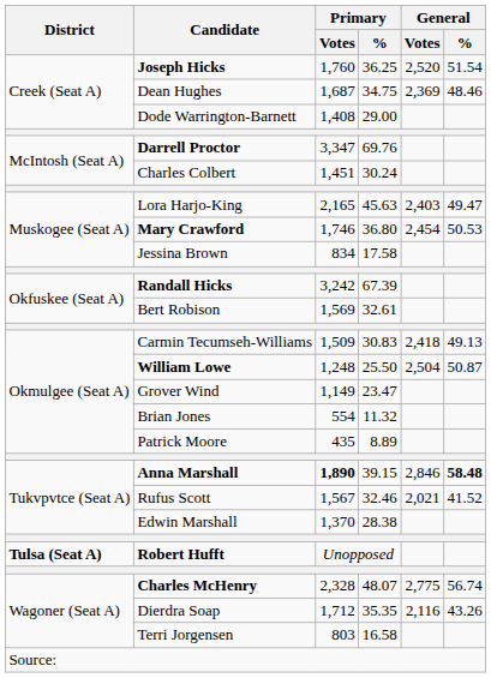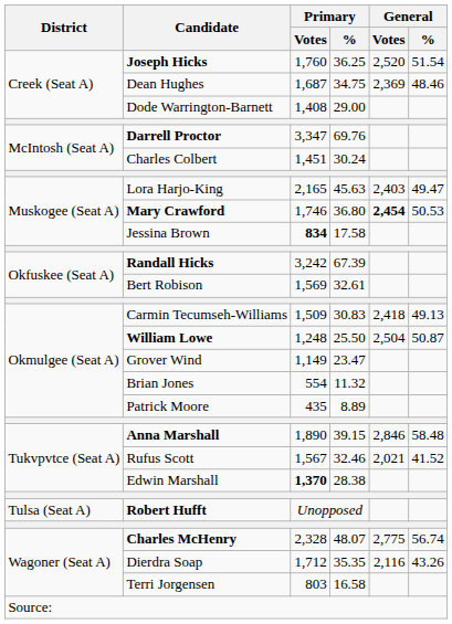 <table class=wikitable style=text-align:right>
 <tr>
 <th rowspan=2>District</th>
 <th rowspan=2>Candidate</th>
 <th colspan=2>Primary</th>
 <th colspan=2>General</th>
 </tr>
 <tr>
 <th>Votes</th>
 <th>%</th>
 <th>Votes</th>
 <th>%</th>
 </tr>
 <tr>
 <td rowspan=3 align=left>Creek (Seat A)</td>
 <td align=left><strong>Joseph Hicks</strong></td>
 <td>1,760</td>
 <td>36.25</td>
 <td>2,520</td>
 <td>51.54</td>
 </tr>
 <tr>
 <td align=left>Dean Hughes</td>
 <td>1,687</td>
 <td>34.75</td>
 <td>2,369</td>
 <td>48.46</td>
 </tr>
 <tr>
 <td align=left>Dode Warrington-Barnett</td>
 <td>1,408</td>
 <td>29.00</td>
 <td></td>
 <td></td>
 </tr>
 <tr>
 <th colspan=6></th>
 </tr>
 <tr>
 <td rowspan=2 align=left>McIntosh (Seat A)</td>
 <td align=left><strong>Darrell Proctor</strong></td>
 <td>3,347</td>
 <td>69.76</td>
 <td></td>
 <td></td>
 </tr>
 <tr>
 <td align=left>Charles Colbert</td>
 <td>1,451</td>
 <td>30.24</td>
 <td></td>
 <td></td>
 </tr>
 <tr>
 <th colspan=6></th>
 </tr>
 <tr>
 <td rowspan=3 align=left>Muskogee (Seat A)</td>
 <td align=left>Lora Harjo-King</td>
 <td>2,165</td>
 <td>45.63</td>
 <td>2,403</td>
 <td>49.47</td>
 </tr>
 <tr>
 <td align=left><strong>Mary Crawford</strong></td>
 <td>1,746</td>
 <td>36.80</td>
-<td>2,454</td>
+<td><strong>2,454</strong></td>
 <td>50.53</td>
 </tr>
 <tr>
 <td align=left>Jessina Brown</td>
-<td>834</td>
+<td><strong>834</strong></td>
 <td>17.58</td>
 <td></td>
 <td></td>
 </tr>
 <tr>
 <th colspan=6></th>
 </tr>
 <tr>
 <td rowspan=2 align=left>Okfuskee (Seat A)</td>
 <td align=left><strong>Randall Hicks</strong></td>
 <td>3,242</td>
 <td>67.39</td>
 <td></td>
 <td></td>
 </tr>
 <tr>
 <td align=left>Bert Robison</td>
 <td>1,569</td>
 <td>32.61</td>
 <td></td>
 <td></td>
 </tr>
 <tr>
 <th colspan=6></th>
 </tr>
 <tr>
 <td rowspan=5 align=left>Okmulgee (Seat A)</td>
 <td align=left>Carmin Tecumseh-Williams</td>
 <td>1,509</td>
 <td>30.83</td>
 <td>2,418</td>
 <td>49.13</td>
 </tr>
 <tr>
 <td align=left><strong>William Lowe</strong></td>
 <td>1,248</td>
 <td>25.50</td>
 <td>2,504</td>
 <td>50.87</td>
 </tr>
 <tr>
 <td align=left>Grover Wind</td>
 <td>1,149</td>
 <td>23.47</td>
 <td></td>
 <td></td>
 </tr>
 <tr>
 <td align=left>Brian Jones</td>
 <td>554</td>
 <td>11.32</td>
 <td></td>
 <td></td>
 </tr>
 <tr>
 <td align=left>Patrick Moore</td>
 <td>435</td>
 <td>8.89</td>
 <td></td>
 <td></td>
 </tr>
 <tr>
 <th colspan=6></th>
 </tr>
 <tr>
 <td rowspan=3 align=left>Tukvpvtce (Seat A)</td>
 <td align=left><strong>Anna Marshall</strong></td>
-<td><strong>1,890</strong></td>
+<td>1,890</td>
 <td>39.15</td>
 <td>2,846</td>
-<td><strong>58.48</strong></td>
+<td>58.48</td>
 </tr>
 <tr>
 <td align=left>Rufus Scott</td>
 <td>1,567</td>
 <td>32.46</td>
 <td>2,021</td>
 <td>41.52</td>
 </tr>
 <tr>
 <td align=left>Edwin Marshall</td>
-<td>1,370</td>
+<td><strong>1,370</strong></td>
 <td>28.38</td>
 <td></td>
 <td></td>
 </tr>
 <tr>
 <th colspan=6></th>
 </tr>
 <tr>
-<td align=left><strong>Tulsa (Seat A)</strong></td>
+<td align=left>Tulsa (Seat A)</td>
 <td align=left><strong>Robert Hufft</strong></td>
 <td colspan=2 align=center><em>Unopposed</em></td>
 <td></td>
 <td></td>
 </tr>
 <tr>
 <th colspan=6></th>
 </tr>
 <tr>
 <td rowspan=3 align=left>Wagoner (Seat A)</td>
 <td align=left><strong>Charles McHenry</strong></td>
 <td>2,328</td>
 <td>48.07</td>
 <td>2,775</td>
 <td>56.74</td>
 </tr>
 <tr>
 <td align=left>Dierdra Soap</td>
 <td>1,712</td>
 <td>35.35</td>
 <td>2,116</td>
 <td>43.26</td>
 </tr>
 <tr>
 <td align=left>Terri Jorgensen</td>
 <td>803</td>
 <td>16.58</td>
 <td></td>
 <td></td>
 </tr>
 <tr>
 <td align=left colspan=6>Source:</td>
 </tr>
 </table>
